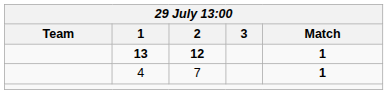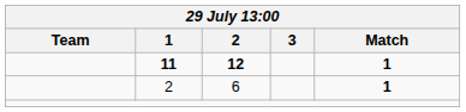 <table class=wikitable style="text-align:center; width: 55%">
 <tr>
 <th colspan=10><em>29 July 13:00</em></th>
 </tr>
 <tr>
 <th>Team</th>
 <th>1</th>
 <th>2</th>
 <th>3</th>
 <th>Match</th>
 </tr>
 <tr>
 <td align=left><strong><br></strong></td>
-<td><strong>13</strong></td>
+<td><strong>11</strong></td>
 <td><strong>12</strong></td>
 <td></td>
 <td><strong>1</strong></td>
 </tr>
 <tr>
 <td align=left><br></td>
-<td>4</td>
-<td>7</td>
+<td>2</td>
+<td>6</td>
 <td></td>
 <td><strong>1</strong></td>
 </tr>
 <tr>
 <td colspan=10></td>
 </tr>
 </table>
